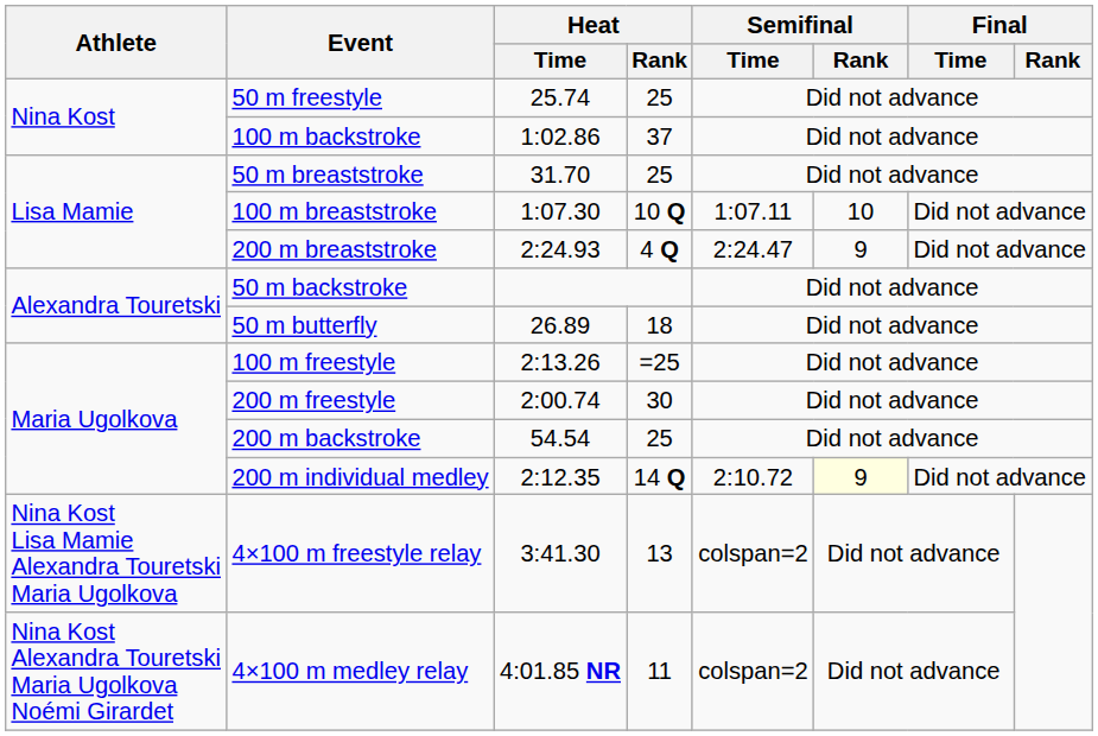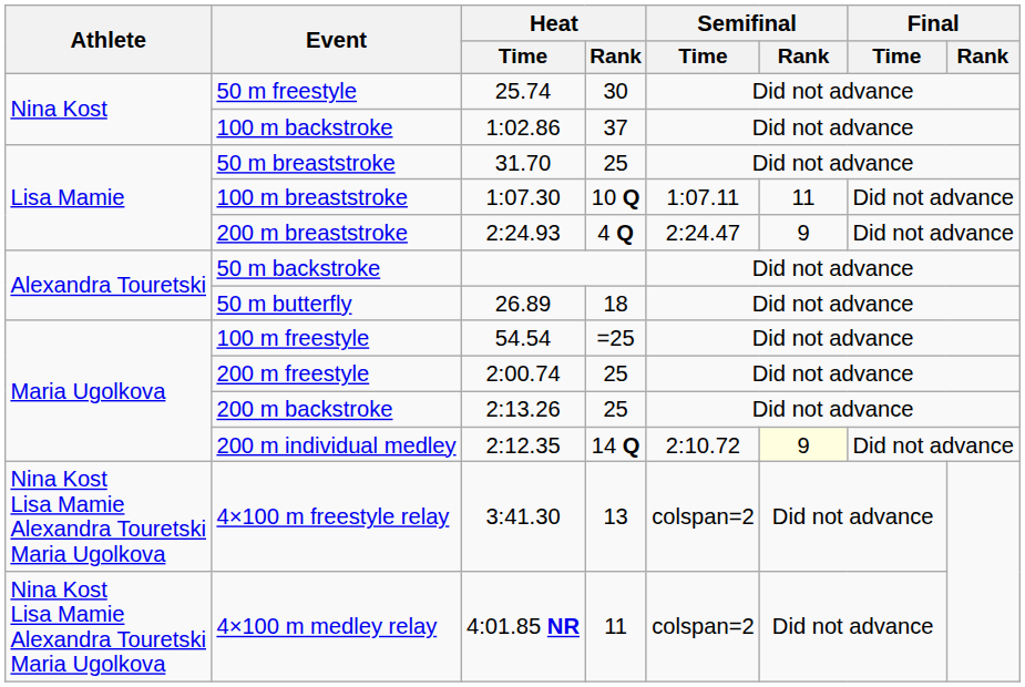 <table class="wikitable" style="text-align:center; font-size:90%">
 <tr>
 <th rowspan="2">Athlete</th>
 <th rowspan="2">Event</th>
 <th colspan="2">Heat</th>
 <th colspan="2">Semifinal</th>
 <th colspan="2">Final</th>
 </tr>
 <tr style="font-size:95%">
 <th>Time</th>
 <th>Rank</th>
 <th>Time</th>
 <th>Rank</th>
 <th>Time</th>
 <th>Rank</th>
 </tr>
 <tr>
 <td align=left rowspan=2><a href='#'>Nina Kost</a></td>
 <td align=left><a href='#'>50 m freestyle</a></td>
 <td>25.74</td>
-<td>25</td>
+<td>30</td>
 <td colspan=4>Did not advance</td>
 </tr>
 <tr>
 <td align=left><a href='#'>100 m backstroke</a></td>
 <td>1:02.86</td>
 <td>37</td>
 <td colspan=4>Did not advance</td>
 </tr>
 <tr>
 <td align=left rowspan=3><a href='#'>Lisa Mamie</a></td>
 <td align=left><a href='#'>50 m breaststroke</a></td>
 <td>31.70</td>
 <td>25</td>
 <td colspan=4>Did not advance</td>
 </tr>
 <tr>
 <td align=left><a href='#'>100 m breaststroke</a></td>
 <td>1:07.30</td>
 <td>10 <strong>Q</strong></td>
 <td>1:07.11</td>
-<td>10</td>
+<td>11</td>
 <td colspan=2>Did not advance</td>
 </tr>
 <tr>
 <td align=left><a href='#'>200 m breaststroke</a></td>
 <td>2:24.93</td>
 <td>4 <strong>Q</strong></td>
 <td>2:24.47</td>
 <td>9</td>
 <td colspan=2>Did not advance</td>
 </tr>
 <tr>
 <td align=left rowspan=2><a href='#'>Alexandra Touretski</a></td>
 <td align=left><a href='#'>50 m backstroke</a></td>
 <td colspan=2></td>
 <td colspan=4>Did not advance</td>
 </tr>
 <tr>
 <td align=left><a href='#'>50 m butterfly</a></td>
 <td>26.89</td>
 <td>18</td>
 <td colspan=4>Did not advance</td>
 </tr>
 <tr>
 <td align=left rowspan=4><a href='#'>Maria Ugolkova</a></td>
 <td align=left><a href='#'>100 m freestyle</a></td>
-<td>2:13.26</td>
+<td>54.54</td>
 <td>=25</td>
 <td colspan=4>Did not advance</td>
 </tr>
 <tr>
 <td align=left><a href='#'>200 m freestyle</a></td>
 <td>2:00.74</td>
-<td>30</td>
+<td>25</td>
 <td colspan=4>Did not advance</td>
 </tr>
 <tr>
 <td align=left><a href='#'>200 m backstroke</a></td>
-<td>54.54</td>
+<td>2:13.26</td>
 <td>25</td>
 <td colspan=4>Did not advance</td>
 </tr>
 <tr>
 <td align=left><a href='#'>200 m individual medley</a></td>
 <td>2:12.35</td>
 <td>14 <strong>Q</strong></td>
 <td>2:10.72</td>
 <td style="background: lightyellow;">9</td>
 <td colspan=4>Did not advance</td>
 </tr>
 <tr>
 <td align=left><a href='#'>Nina Kost</a><br><a href='#'>Lisa Mamie</a><br><a href='#'>Alexandra Touretski</a><br><a href='#'>Maria Ugolkova</a></td>
 <td align=left><a href='#'>4×100 m freestyle relay</a></td>
 <td>3:41.30</td>
 <td>13</td>
 <td>colspan=2 </td>
 <td colspan=2>Did not advance</td>
 </tr>
 <tr>
-<td align=left><a href='#'>Nina Kost</a><br><a href='#'>Alexandra Touretski</a><br><a href='#'>Maria Ugolkova</a><br><a href='#'>Noémi Girardet</a></td>
+<td align=left><a href='#'>Nina Kost</a><br><a href='#'>Lisa Mamie</a><br><a href='#'>Alexandra Touretski</a><br><a href='#'>Maria Ugolkova</a></td>
 <td align=left><a href='#'>4×100 m medley relay</a></td>
 <td>4:01.85 <strong><a href='#'>NR</a></strong></td>
 <td>11</td>
 <td>colspan=2 </td>
 <td colspan=2>Did not advance</td>
 </tr>
 </table>
